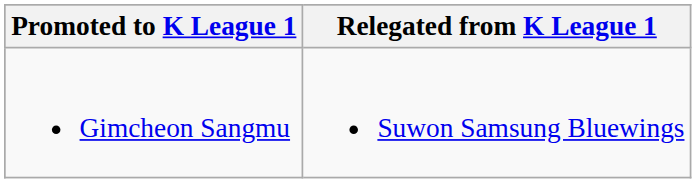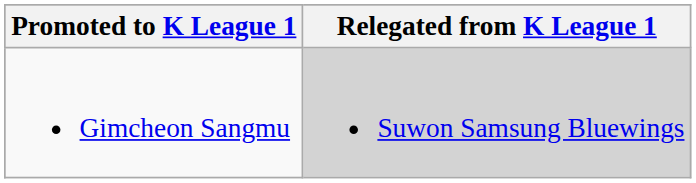 <table class="wikitable">
 <tr>
 <th> Promoted to <a href='#'>K League 1</a></th>
 <th> Relegated from <a href='#'>K League 1</a></th>
 </tr>
 <tr>
 <td><br><ul><li><a href='#'>Gimcheon Sangmu</a></li></ul></td>
-<td><br><ul><li><a href='#'>Suwon Samsung Bluewings</a></li></ul></td>
+<td style="background: lightgrey;"><br><ul><li><a href='#'>Suwon Samsung Bluewings</a></li></ul></td>
 </tr>
 </table>
